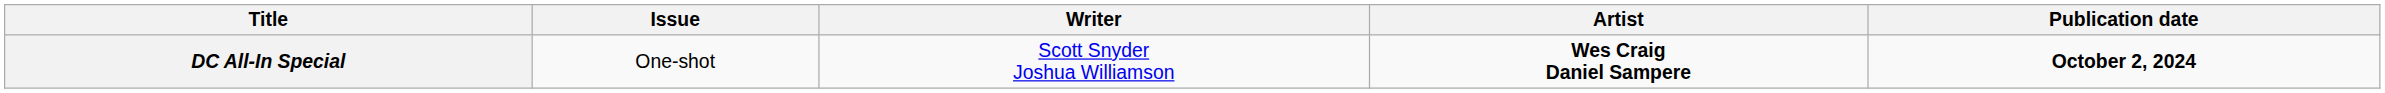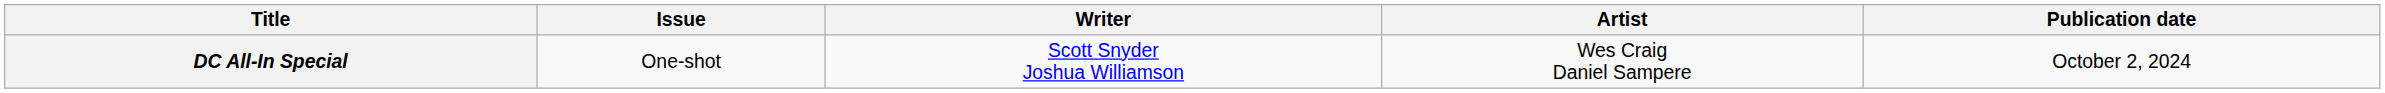 <table class="wikitable sortable" style="text-align:center; font-weight:normal;"  width=99%>
 <tr>
 <th>Title</th>
 <th>Issue</th>
 <th>Writer</th>
 <th>Artist</th>
 <th>Publication date</th>
 </tr>
 <tr>
 <th scope="col"><em>DC All-In Special</em></th>
 <td>One-shot</td>
 <td><a href='#'>Scott Snyder</a><br><a href='#'>Joshua Williamson</a></td>
-<td><strong>Wes Craig<br>Daniel Sampere</strong></td>
-<td><strong>October 2, 2024</strong></td>
+<td>Wes Craig<br>Daniel Sampere</td>
+<td>October 2, 2024</td>
 </tr>
 </table>
